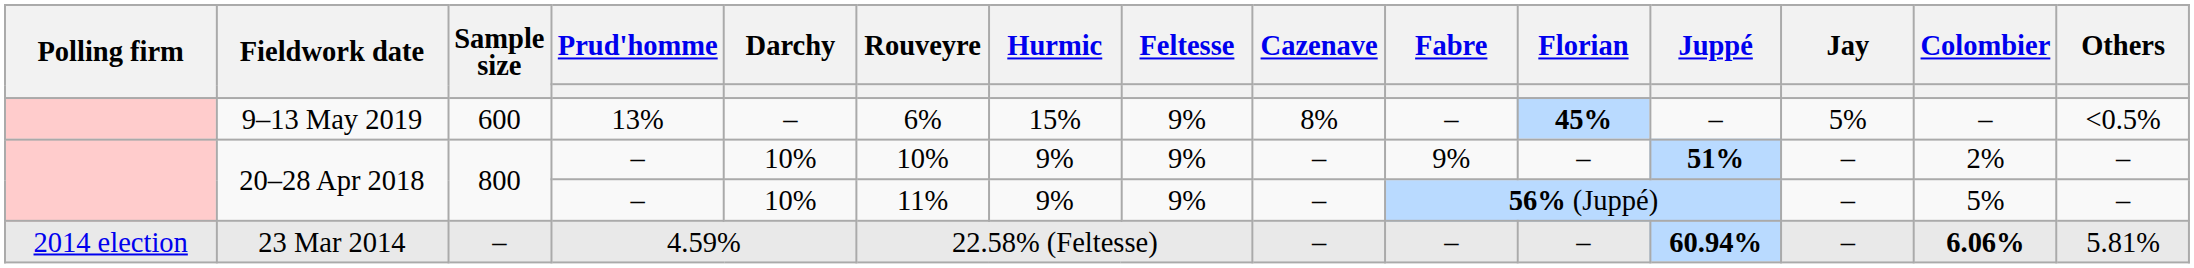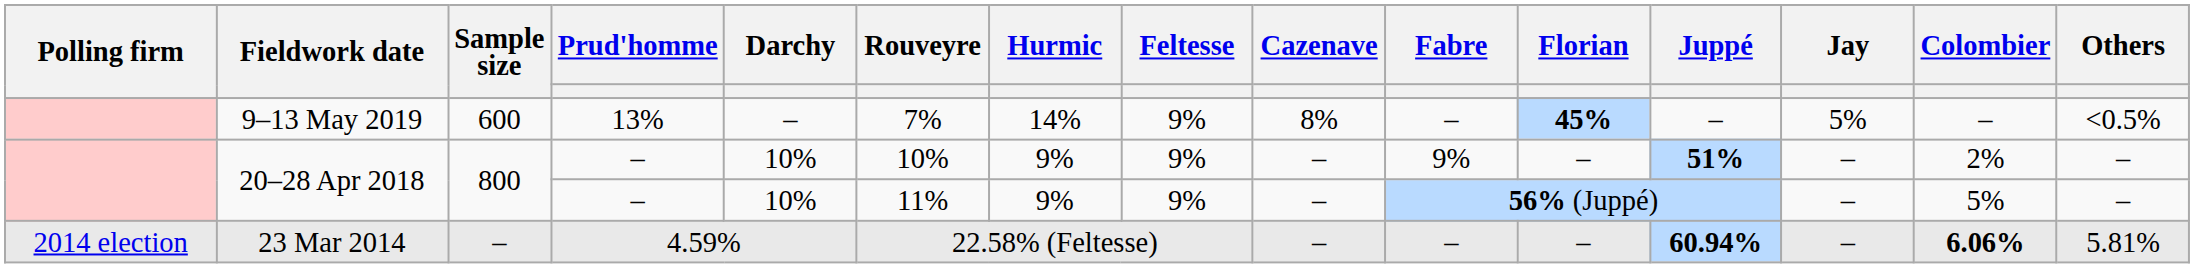 <table class="wikitable sortable" style="text-align:center;font-size:90%;line-height:14px;">
 <tr style="height:40px;">
 <th style="width:100px;" rowspan="2">Polling firm</th>
 <th style="width:110px;" rowspan="2">Fieldwork date</th>
 <th style="width:35px;" rowspan="2">Sample<br>size</th>
 <th class="unsortable" style="width:60px;"><a href='#'>Prud'homme</a><br></th>
 <th class="unsortable" style="width:60px;">Darchy<br></th>
 <th class="unsortable" style="width:60px;">Rouveyre<br></th>
 <th class="unsortable" style="width:60px;"><a href='#'>Hurmic</a><br></th>
 <th class="unsortable" style="width:60px;"><a href='#'>Feltesse</a><br></th>
 <th class="unsortable" style="width:60px;"><a href='#'>Cazenave</a><br></th>
 <th class="unsortable" style="width:60px;"><a href='#'>Fabre</a><br></th>
 <th class="unsortable" style="width:60px;"><a href='#'>Florian</a><br></th>
 <th class="unsortable" style="width:60px;"><a href='#'>Juppé</a><br></th>
 <th class="unsortable" style="width:60px;">Jay<br></th>
 <th class="unsortable" style="width:60px;"><a href='#'>Colombier</a><br></th>
 <th class="unsortable" style="width:60px;">Others</th>
 </tr>
 <tr>
 <th style="background:"></th>
 <th style="background:"></th>
 <th style="background:"></th>
 <th style="background:"></th>
 <th style="background:"></th>
 <th style="background:"></th>
 <th style="background:"></th>
 <th style="background:"></th>
 <th style="background:"></th>
 <th style="background:"></th>
 <th style="background:"></th>
 <th style="background:"></th>
 </tr>
 <tr>
 <td style="background:#FFCCCC;"></td>
 <td data-sort-value="2019-05-13">9–13 May 2019</td>
 <td>600</td>
 <td>13%</td>
 <td>–</td>
-<td>6%</td>
-<td>15%</td>
+<td>7%</td>
+<td>14%</td>
 <td>9%</td>
 <td>8%</td>
 <td>–</td>
 <td style="background:#B9DAFF;"><strong>45%</strong></td>
 <td>–</td>
 <td>5%</td>
 <td>–</td>
 <td data-sort-value="0%"><0.5%</td>
 </tr>
 <tr>
 <td rowspan="2" style="background:#FFCCCC;"></td>
 <td rowspan="2" data-sort-value="2018-04-28">20–28 Apr 2018</td>
 <td rowspan="2">800</td>
 <td>–</td>
 <td>10%</td>
 <td>10%</td>
 <td>9%</td>
 <td>9%</td>
 <td>–</td>
 <td>9%</td>
 <td>–</td>
 <td style="background:#B9DAFF;"><strong>51%</strong></td>
 <td>–</td>
 <td>2%</td>
 <td>–</td>
 </tr>
 <tr>
 <td>–</td>
 <td>10%</td>
 <td>11%</td>
 <td>9%</td>
 <td>9%</td>
 <td>–</td>
 <td style="background:#B9DAFF;" colspan="3"><strong>56%</strong> (Juppé)</td>
 <td>–</td>
 <td>5%</td>
 <td>–</td>
 </tr>
 <tr style="background:#E9E9E9;">
 <td><a href='#'>2014 election</a></td>
 <td data-sort-value="2014-03-23">23 Mar 2014</td>
 <td>–</td>
 <td colspan="2">4.59%</td>
 <td colspan="3">22.58% (Feltesse)</td>
 <td>–</td>
 <td>–</td>
 <td>–</td>
 <td style="background:#B9DAFF;"><strong>60.94%</strong></td>
 <td>–</td>
 <td><strong>6.06%</strong></td>
 <td>5.81%</td>
 </tr>
 </table>
